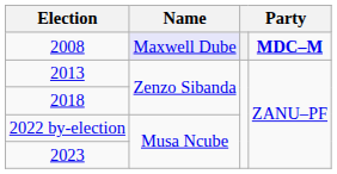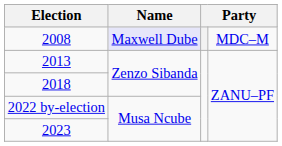 <table class="wikitable" style="text-align:center">
 <tr>
 <th>Election</th>
 <th>Name</th>
 <th colspan="2">Party</th>
 </tr>
 <tr>
 <td><a href='#'>2008</a></td>
 <td style="background: lavender;"><a href='#'>Maxwell Dube</a></td>
 <th style="background-color: "></th>
-<td><strong><a href='#'>MDC–M</a></strong></td>
+<td><a href='#'>MDC–M</a></td>
 </tr>
 <tr>
 <td><a href='#'>2013</a></td>
 <td rowspan="2"><a href='#'>Zenzo Sibanda</a></td>
 <td rowspan="4" style="background-color: "></td>
 <td rowspan="4"><a href='#'>ZANU–PF</a></td>
 </tr>
 <tr>
 <td><a href='#'>2018</a></td>
 </tr>
 <tr>
 <td><a href='#'>2022 by-election</a></td>
 <td rowspan="2"><a href='#'>Musa Ncube</a></td>
 </tr>
 <tr>
 <td><a href='#'>2023</a></td>
 </tr>
 </table>
